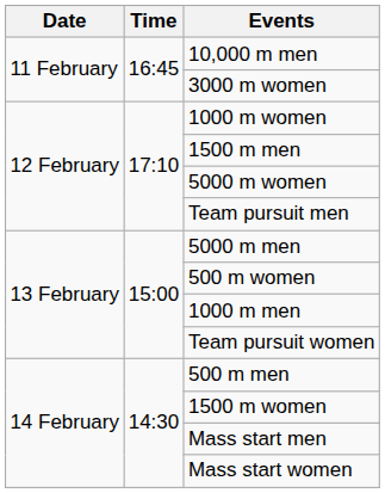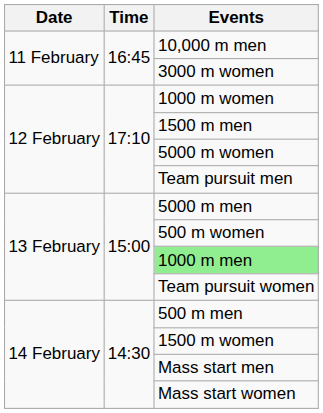 <table class="wikitable" border="1">
 <tr>
 <th>Date</th>
 <th>Time</th>
 <th>Events</th>
 </tr>
 <tr>
 <td rowspan=2>11 February</td>
 <td rowspan=2>16:45</td>
 <td>10,000 m men</td>
 </tr>
 <tr>
 <td>3000 m women</td>
 </tr>
 <tr>
 <td rowspan=4>12 February</td>
 <td rowspan=4>17:10</td>
 <td>1000 m women</td>
 </tr>
 <tr>
 <td>1500 m men</td>
 </tr>
 <tr>
 <td>5000 m women</td>
 </tr>
 <tr>
 <td>Team pursuit men</td>
 </tr>
 <tr>
 <td rowspan=4>13 February</td>
 <td rowspan=4>15:00</td>
 <td>5000 m men</td>
 </tr>
 <tr>
 <td>500 m women</td>
 </tr>
 <tr>
-<td>1000 m men</td>
+<td style="background: lightgreen;">1000 m men</td>
 </tr>
 <tr>
 <td>Team pursuit women</td>
 </tr>
 <tr>
 <td rowspan=4>14 February</td>
 <td rowspan=4>14:30</td>
 <td>500 m men</td>
 </tr>
 <tr>
 <td>1500 m women</td>
 </tr>
 <tr>
 <td>Mass start men</td>
 </tr>
 <tr>
 <td>Mass start women</td>
 </tr>
 </table>
